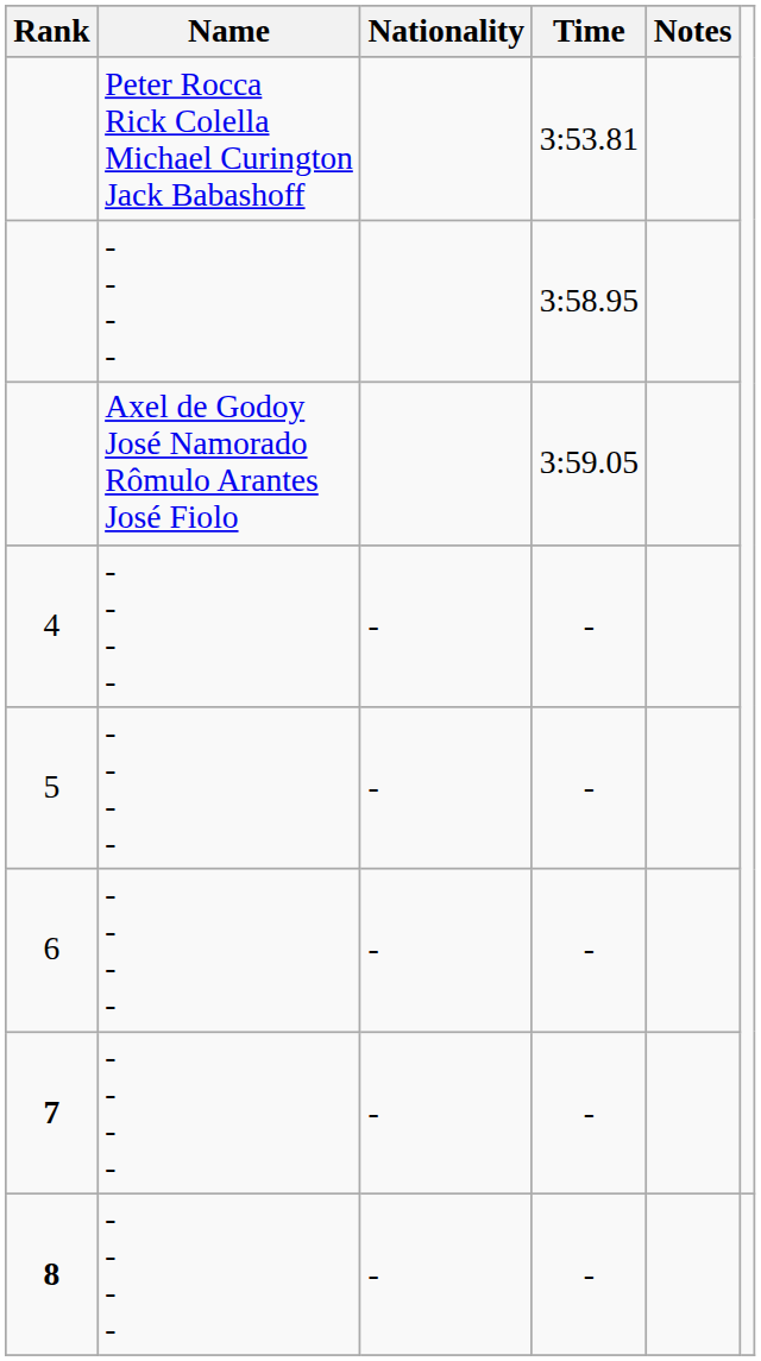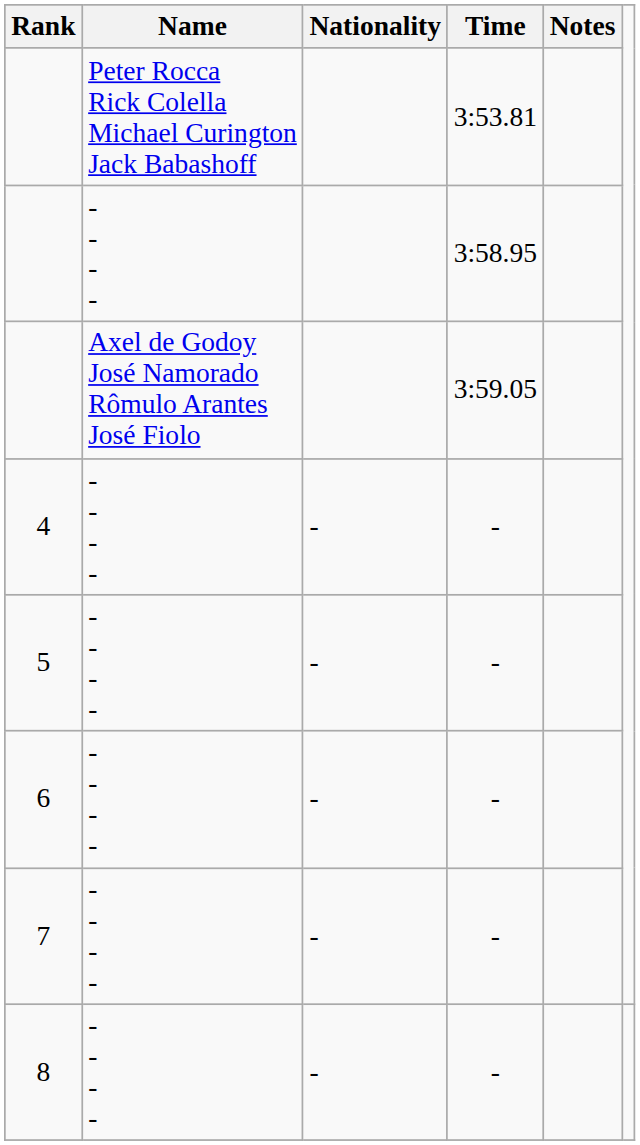 <table class="wikitable sortable" style="text-align:center">
 <tr>
 <th>Rank</th>
 <th>Name</th>
 <th>Nationality</th>
 <th>Time</th>
 <th>Notes</th>
 </tr>
 <tr>
 <td></td>
 <td align=left><a href='#'>Peter Rocca</a> <br> <a href='#'>Rick Colella</a> <br> <a href='#'>Michael Curington</a> <br> <a href='#'>Jack Babashoff</a></td>
 <td align=left></td>
 <td>3:53.81</td>
 <td></td>
 </tr>
 <tr>
 <td></td>
 <td align=left>- <br> - <br> - <br> -</td>
 <td align=left></td>
 <td>3:58.95</td>
 <td></td>
 </tr>
 <tr>
 <td></td>
 <td align=left><a href='#'>Axel de Godoy</a> <br> <a href='#'>José Namorado</a> <br> <a href='#'>Rômulo Arantes</a> <br> <a href='#'>José Fiolo</a></td>
 <td align=left></td>
 <td>3:59.05</td>
 <td></td>
 </tr>
 <tr>
 <td>4</td>
 <td align=left>- <br> - <br> - <br> -</td>
 <td align=left>-</td>
 <td>-</td>
 <td></td>
 </tr>
 <tr>
 <td>5</td>
 <td align=left>- <br> - <br> - <br> -</td>
 <td align=left>-</td>
 <td>-</td>
 <td></td>
 </tr>
 <tr>
 <td>6</td>
 <td align=left>- <br> - <br> - <br> -</td>
 <td align=left>-</td>
 <td>-</td>
 <td></td>
 </tr>
 <tr>
-<td><strong>7</strong></td>
+<td>7</td>
 <td align=left>- <br> - <br> - <br> -</td>
 <td align=left>-</td>
 <td>-</td>
 <td></td>
 </tr>
 <tr>
-<td><strong>8</strong></td>
+<td>8</td>
 <td align=left>- <br> - <br> - <br> -</td>
 <td align=left>-</td>
 <td>-</td>
 <td></td>
 <td></td>
 </tr>
 </table>
